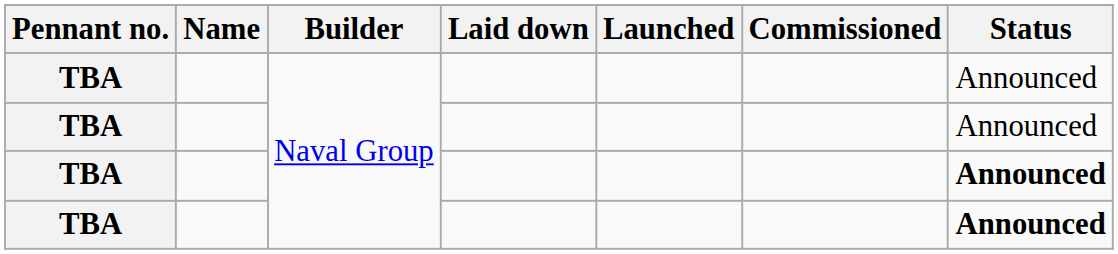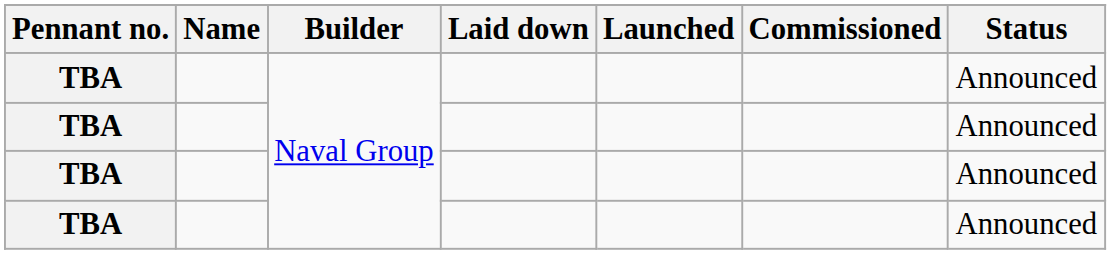 <table class="wikitable plainrowheaders">
 <tr>
 </tr>
 <tr>
 <th scope="col">Pennant no.</th>
 <th scope="col">Name</th>
 <th scope="col">Builder</th>
 <th scope="col">Laid down</th>
 <th scope="col">Launched</th>
 <th scope="col">Commissioned</th>
 <th scope="col">Status</th>
 </tr>
 <tr>
 <th scope="row">TBA</th>
 <td></td>
 <td rowspan=4 align=left><a href='#'>Naval Group</a></td>
 <td></td>
 <td></td>
 <td></td>
 <td>Announced</td>
 </tr>
 <tr>
 <th scope="row">TBA</th>
 <td></td>
 <td></td>
 <td></td>
 <td></td>
 <td>Announced</td>
 </tr>
 <tr>
 <th scope="row">TBA</th>
 <td></td>
 <td></td>
 <td></td>
 <td></td>
-<td><strong>Announced</strong></td>
+<td>Announced</td>
 </tr>
 <tr>
 <th scope="row">TBA</th>
 <td></td>
 <td></td>
 <td></td>
 <td></td>
-<td><strong>Announced</strong></td>
+<td>Announced</td>
 </tr>
 </table>
